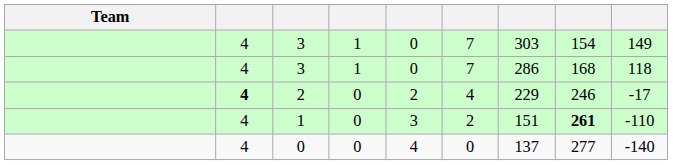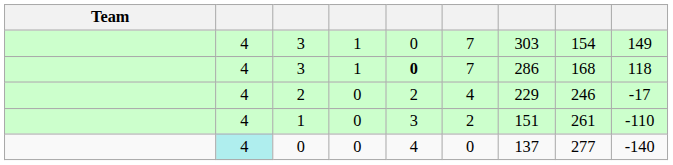 <table class=wikitable style="text-align: center;">
 <tr>
 <th style="width: 12.5em;" scope="col">Team</th>
 <th style="width: 3em;" scope="col"></th>
 <th style="width: 3em;" scope="col"></th>
 <th style="width: 3em;" scope="col"></th>
 <th style="width: 3em;" scope="col"></th>
 <th style="width: 3em;" scope="col"></th>
 <th style="width: 3em;" scope="col"></th>
 <th style="width: 3em;" scope="col"></th>
 <th style="width: 3em;" scope="col"></th>
 </tr>
 <tr style="background-color: #cfc;">
 <td style="text-align: left;"></td>
 <td>4</td>
 <td>3</td>
 <td>1</td>
 <td>0</td>
 <td>7</td>
 <td>303</td>
 <td>154</td>
 <td>149</td>
 </tr>
 <tr style="background-color: #cfc;">
 <td style="text-align: left;"></td>
 <td>4</td>
 <td>3</td>
 <td>1</td>
-<td>0</td>
+<td><strong>0</strong></td>
 <td>7</td>
 <td>286</td>
 <td>168</td>
 <td>118</td>
 </tr>
 <tr style="background-color: #cfc;">
 <td style="text-align: left;"></td>
-<td><strong>4</strong></td>
+<td>4</td>
 <td>2</td>
 <td>0</td>
 <td>2</td>
 <td>4</td>
 <td>229</td>
 <td>246</td>
 <td>-17</td>
 </tr>
 <tr style="background-color: #cfc;">
 <td style="text-align: left;"></td>
 <td>4</td>
 <td>1</td>
 <td>0</td>
 <td>3</td>
 <td>2</td>
 <td>151</td>
-<td><strong>261</strong></td>
+<td>261</td>
 <td>-110</td>
 </tr>
 <tr>
 <td style="text-align: left;"></td>
-<td>4</td>
+<td style="background: paleturquoise;">4</td>
 <td>0</td>
 <td>0</td>
 <td>4</td>
 <td>0</td>
 <td>137</td>
 <td>277</td>
 <td>-140</td>
 </tr>
 </table>
